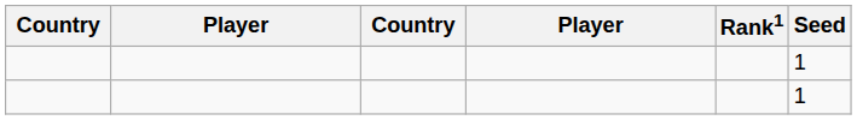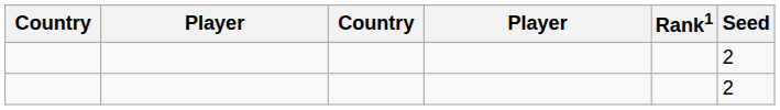 <table class="sortable wikitable">
 <tr>
 <th width="70">Country</th>
 <th width="175">Player</th>
 <th width="70">Country</th>
 <th width="175">Player</th>
 <th>Rank<sup>1</sup></th>
 <th>Seed</th>
 </tr>
 <tr>
 <td></td>
 <td></td>
 <td></td>
 <td></td>
 <td></td>
-<td>1</td>
+<td>2</td>
 </tr>
 <tr>
 <td></td>
 <td></td>
 <td></td>
 <td></td>
 <td></td>
-<td>1</td>
+<td>2</td>
 </tr>
 </table>
